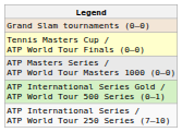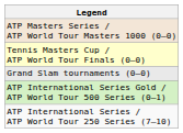 <table class="wikitable sortable mw-collapsible mw-collapsed">
 <tr>
 <th>Legend</th>
 </tr>
 <tr style="background:#f3e6d7;">
-<td>Grand Slam tournaments (0–0)</td>
+<td>ATP Masters Series / <br> ATP World Tour Masters 1000 (0–0)</td>
 </tr>
 <tr style="background:#ffc;">
 <td>Tennis Masters Cup / <br> ATP World Tour Finals (0–0)</td>
 </tr>
 <tr style="background:#e9e9e9;">
-<td>ATP Masters Series / <br> ATP World Tour Masters 1000 (0–0)</td>
+<td>Grand Slam tournaments (0–0)</td>
 </tr>
 <tr style="background:#d4f1c5;">
 <td>ATP International Series Gold / <br> ATP World Tour 500 Series (0–1)</td>
 </tr>
 <tr>
 <td>ATP International Series / <br> ATP World Tour 250 Series (7–10)</td>
 </tr>
 </table>
